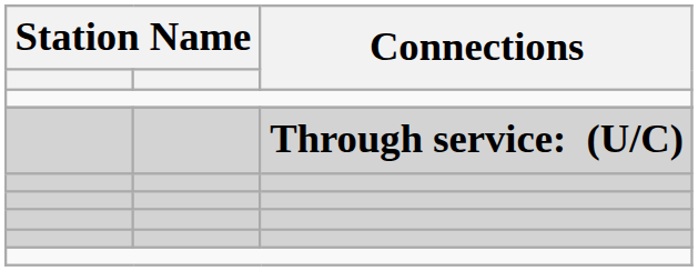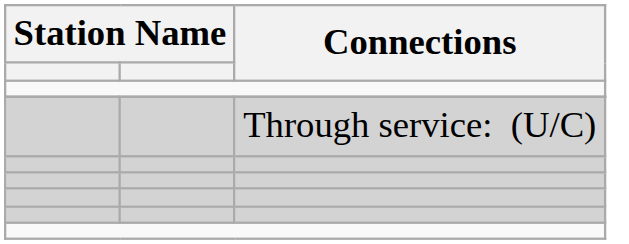 <table class=wikitable>
 <tr>
 <th colspan=2>Station Name</th>
 <th rowspan=2>Connections<br> </th>
 </tr>
 <tr>
 <th></th>
 <th></th>
 </tr>
 <tr style=background:#>
 <td colspan=6></td>
 </tr>
 <tr>
 </tr>
 <tr bgcolor=lightgrey>
 <td></td>
 <td></td>
-<td><strong>Through service:  (U/C)</strong></td>
+<td>Through service:  (U/C)</td>
 </tr>
 <tr bgcolor=lightgrey>
 <td></td>
 <td></td>
 <td></td>
 </tr>
 <tr bgcolor=lightgrey>
 <td></td>
 <td></td>
 <td></td>
 </tr>
 <tr bgcolor=lightgrey>
 <td></td>
 <td></td>
 <td></td>
 </tr>
 <tr bgcolor=lightgrey>
 <td></td>
 <td></td>
 <td></td>
 </tr>
 <tr style=background:#>
 <td colspan=6></td>
 </tr>
 </table>
